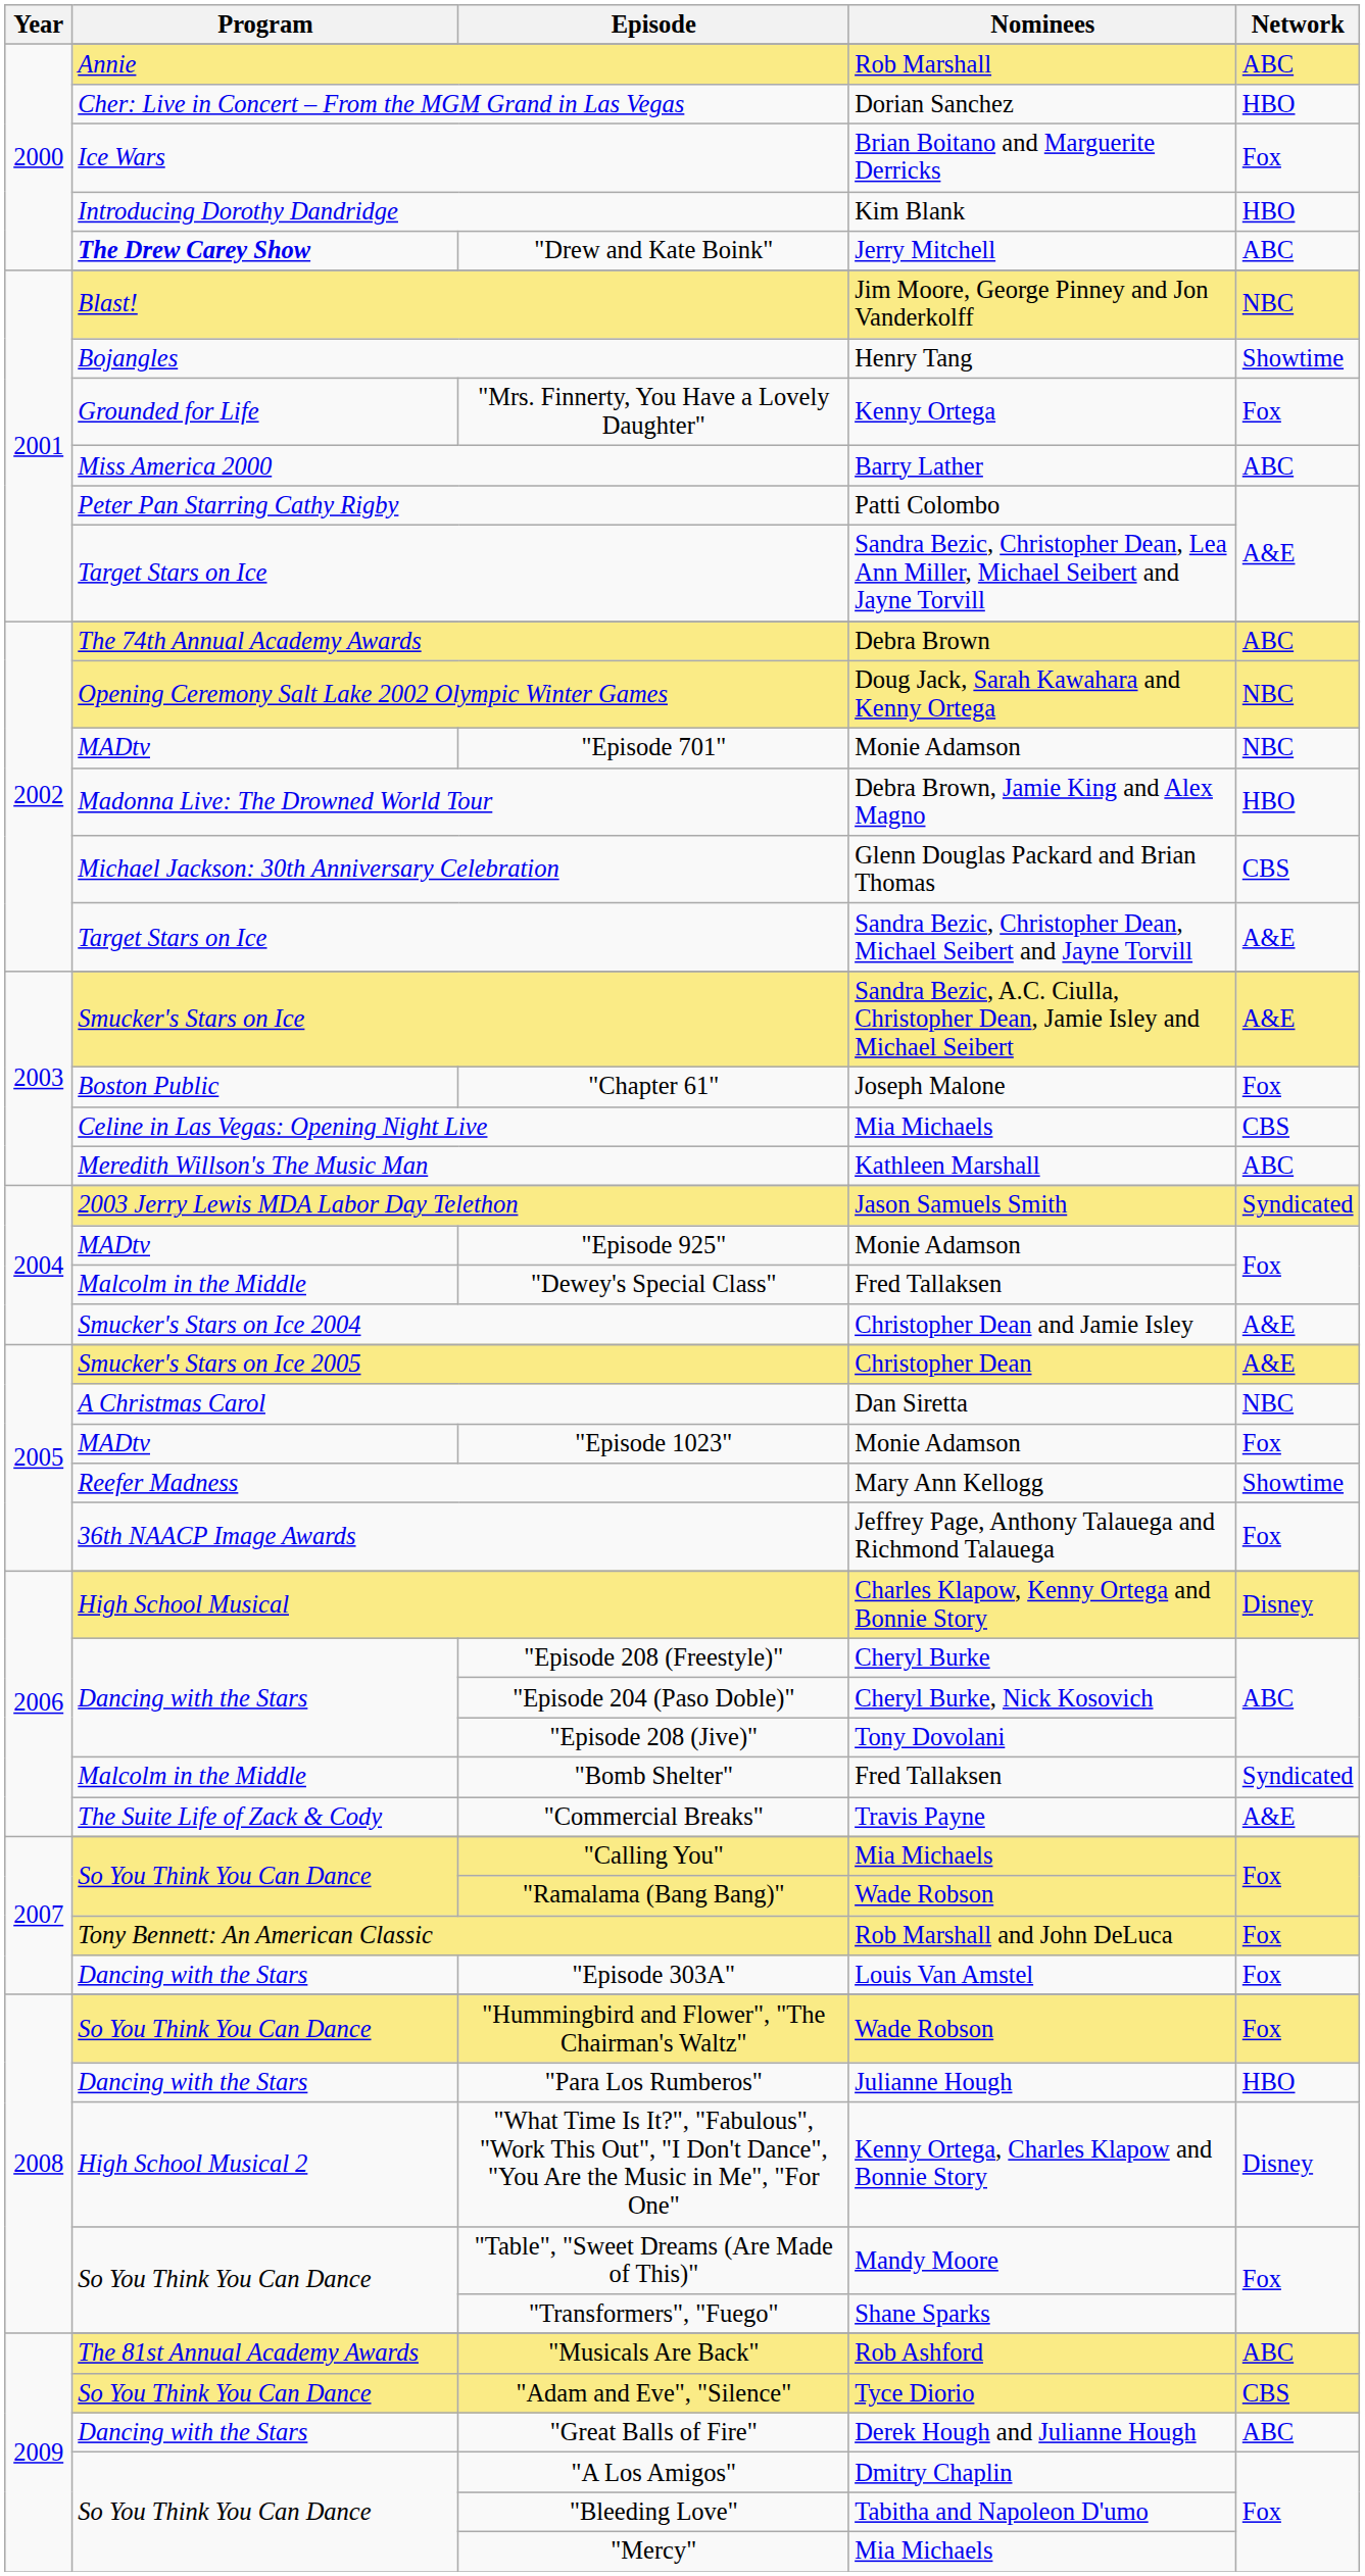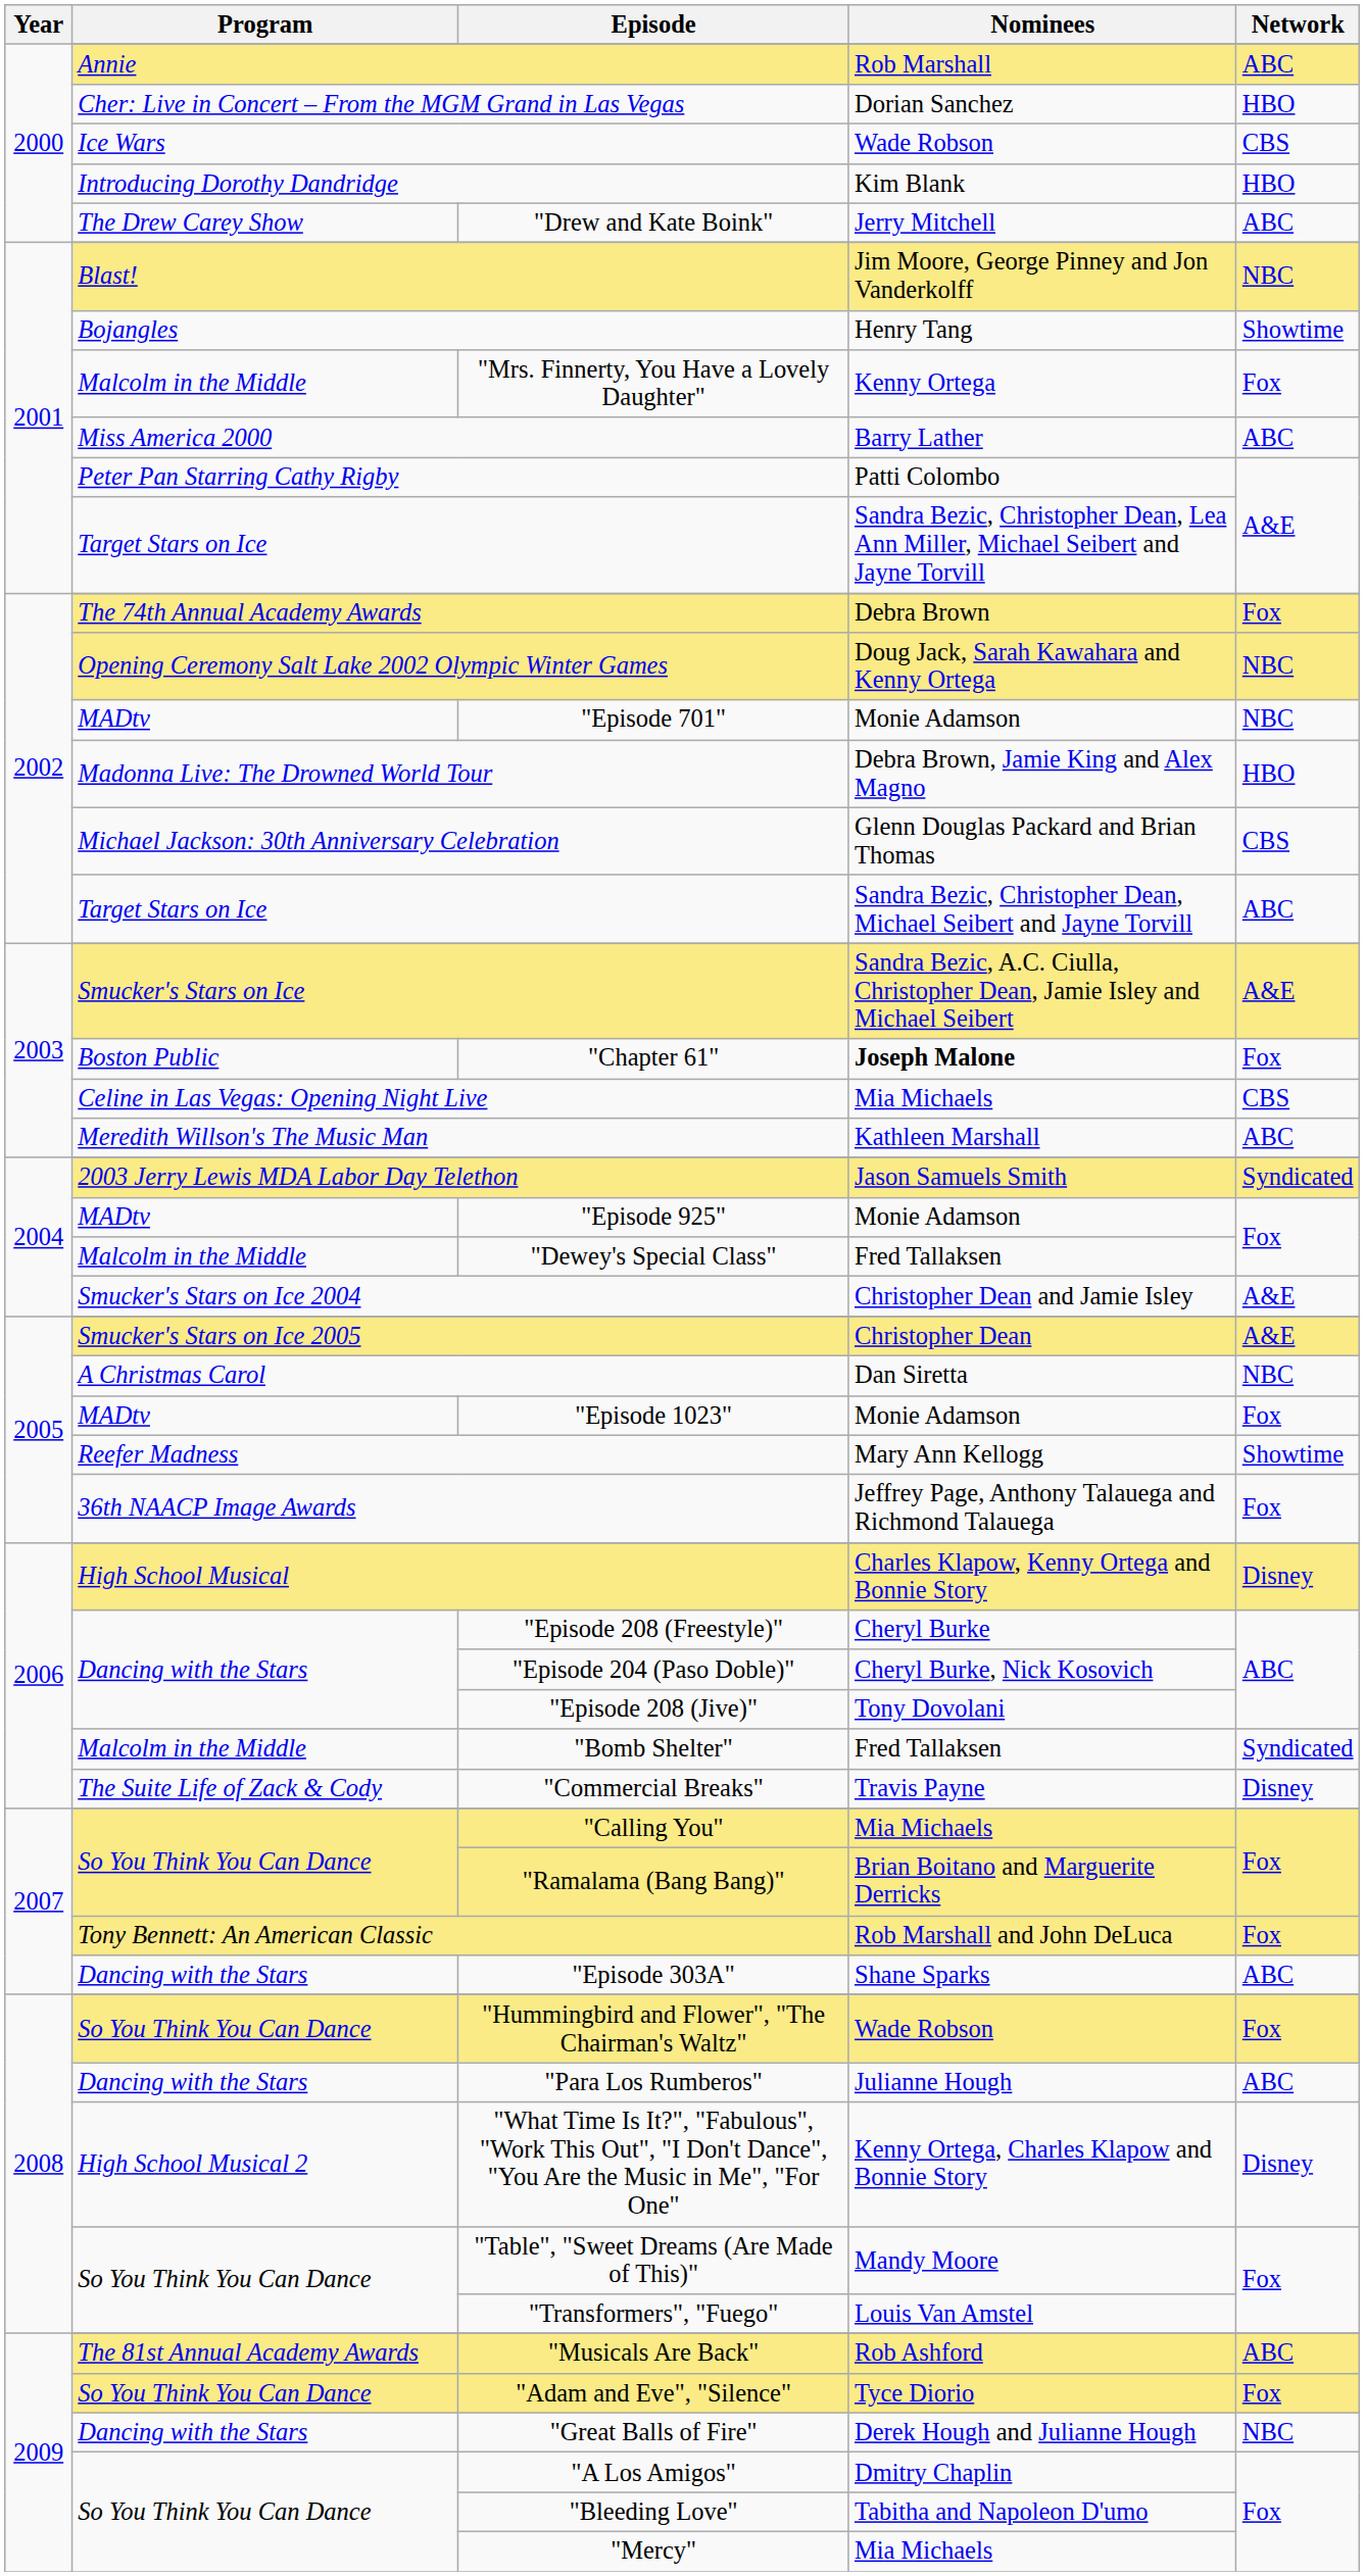 <table class="wikitable">
 <tr>
 <th width="5%">Year</th>
 <th width="30%">Program</th>
 <th width="30%">Episode</th>
 <th width="30%">Nominees</th>
 <th width="5%">Network</th>
 </tr>
 <tr>
 <td rowspan="6" style="text-align:center;"><a href='#'>2000</a><br></td>
 </tr>
 <tr style="background:#FAEB86">
 <td colspan=2><em><a href='#'>Annie</a></em></td>
 <td><a href='#'>Rob Marshall</a></td>
 <td><a href='#'>ABC</a></td>
 </tr>
 <tr>
 <td colspan=2><em><a href='#'>Cher: Live in Concert – From the MGM Grand in Las Vegas</a></em></td>
 <td>Dorian Sanchez</td>
 <td><a href='#'>HBO</a></td>
 </tr>
 <tr>
 <td colspan=2><em><a href='#'>Ice Wars</a></em></td>
-<td><a href='#'>Brian Boitano</a> and <a href='#'>Marguerite Derricks</a></td>
-<td><a href='#'>Fox</a></td>
+<td><a href='#'>Wade Robson</a></td>
+<td><a href='#'>CBS</a></td>
 </tr>
 <tr>
 <td colspan=2><em><a href='#'>Introducing Dorothy Dandridge</a></em></td>
 <td>Kim Blank</td>
 <td><a href='#'>HBO</a></td>
 </tr>
 <tr>
-<td><strong><em><a href='#'>The Drew Carey Show</a></em></strong></td>
+<td><em><a href='#'>The Drew Carey Show</a></em></td>
 <td align=center>"Drew and Kate Boink"</td>
 <td><a href='#'>Jerry Mitchell</a></td>
 <td><a href='#'>ABC</a></td>
 </tr>
 <tr>
 <td rowspan="7" style="text-align:center;"><a href='#'>2001</a><br></td>
 </tr>
 <tr style="background:#FAEB86">
 <td colspan=2><em><a href='#'>Blast!</a></em></td>
 <td>Jim Moore, George Pinney and Jon Vanderkolff</td>
 <td><a href='#'>NBC</a></td>
 </tr>
 <tr>
 <td colspan=2><em><a href='#'>Bojangles</a></em></td>
 <td>Henry Tang</td>
 <td><a href='#'>Showtime</a></td>
 </tr>
 <tr>
-<td><em><a href='#'>Grounded for Life</a></em></td>
+<td><em><a href='#'>Malcolm in the Middle</a></em></td>
 <td align=center>"Mrs. Finnerty, You Have a Lovely Daughter"</td>
 <td><a href='#'>Kenny Ortega</a></td>
 <td><a href='#'>Fox</a></td>
 </tr>
 <tr>
 <td colspan=2><em><a href='#'>Miss America 2000</a></em></td>
 <td><a href='#'>Barry Lather</a></td>
 <td><a href='#'>ABC</a></td>
 </tr>
 <tr>
 <td colspan=2><em><a href='#'>Peter Pan Starring Cathy Rigby</a></em></td>
 <td>Patti Colombo</td>
 <td rowspan=2><a href='#'>A&E</a></td>
 </tr>
 <tr>
 <td colspan=2><em><a href='#'>Target Stars on Ice</a></em></td>
 <td><a href='#'>Sandra Bezic</a>, <a href='#'>Christopher Dean</a>, <a href='#'>Lea Ann Miller</a>, <a href='#'>Michael Seibert</a> and <a href='#'>Jayne Torvill</a></td>
 </tr>
 <tr>
 <td rowspan="7" style="text-align:center;"><a href='#'>2002</a><br></td>
 </tr>
 <tr style="background:#FAEB86">
 <td colspan=2><em><a href='#'>The 74th Annual Academy Awards</a></em></td>
 <td>Debra Brown</td>
-<td><a href='#'>ABC</a></td>
+<td><a href='#'>Fox</a></td>
 </tr>
 <tr style="background:#FAEB86">
 <td colspan=2><em><a href='#'>Opening Ceremony Salt Lake 2002 Olympic Winter Games</a></em></td>
 <td>Doug Jack, <a href='#'>Sarah Kawahara</a> and <a href='#'>Kenny Ortega</a></td>
 <td><a href='#'>NBC</a></td>
 </tr>
 <tr>
 <td><em><a href='#'>MADtv</a></em></td>
 <td align=center>"Episode 701"</td>
 <td>Monie Adamson</td>
 <td><a href='#'>NBC</a></td>
 </tr>
 <tr>
 <td colspan=2><em><a href='#'>Madonna Live: The Drowned World Tour</a></em></td>
 <td>Debra Brown, <a href='#'>Jamie King</a> and <a href='#'>Alex Magno</a></td>
 <td><a href='#'>HBO</a></td>
 </tr>
 <tr>
 <td colspan=2><em><a href='#'>Michael Jackson: 30th Anniversary Celebration</a></em></td>
 <td>Glenn Douglas Packard and Brian Thomas</td>
 <td><a href='#'>CBS</a></td>
 </tr>
 <tr>
 <td colspan=2><em><a href='#'>Target Stars on Ice</a></em></td>
 <td><a href='#'>Sandra Bezic</a>, <a href='#'>Christopher Dean</a>, <a href='#'>Michael Seibert</a> and <a href='#'>Jayne Torvill</a></td>
-<td><a href='#'>A&E</a></td>
+<td><a href='#'>ABC</a></td>
 </tr>
 <tr>
 <td rowspan="5" style="text-align:center;"><a href='#'>2003</a><br></td>
 </tr>
 <tr style="background:#FAEB86">
 <td colspan=2><em><a href='#'>Smucker's Stars on Ice</a></em></td>
 <td><a href='#'>Sandra Bezic</a>, A.C. Ciulla, <a href='#'>Christopher Dean</a>, Jamie Isley and <a href='#'>Michael Seibert</a></td>
 <td><a href='#'>A&E</a></td>
 </tr>
 <tr>
 <td><em><a href='#'>Boston Public</a></em></td>
 <td align=center>"Chapter 61"</td>
-<td>Joseph Malone</td>
+<td><strong>Joseph Malone</strong></td>
 <td><a href='#'>Fox</a></td>
 </tr>
 <tr>
 <td colspan=2><em><a href='#'>Celine in Las Vegas: Opening Night Live</a></em></td>
 <td><a href='#'>Mia Michaels</a></td>
 <td><a href='#'>CBS</a></td>
 </tr>
 <tr>
 <td colspan=2><em><a href='#'>Meredith Willson's The Music Man</a></em></td>
 <td><a href='#'>Kathleen Marshall</a></td>
 <td><a href='#'>ABC</a></td>
 </tr>
 <tr>
 <td rowspan="5" style="text-align:center;"><a href='#'>2004</a><br></td>
 </tr>
 <tr style="background:#FAEB86">
 <td colspan=2><em><a href='#'>2003 Jerry Lewis MDA Labor Day Telethon</a></em></td>
 <td><a href='#'>Jason Samuels Smith</a></td>
 <td><a href='#'>Syndicated</a></td>
 </tr>
 <tr>
 <td><em><a href='#'>MADtv</a></em></td>
 <td align=center>"Episode 925"</td>
 <td>Monie Adamson</td>
 <td rowspan=2><a href='#'>Fox</a></td>
 </tr>
 <tr>
 <td><em><a href='#'>Malcolm in the Middle</a></em></td>
 <td align=center>"Dewey's Special Class"</td>
 <td>Fred Tallaksen</td>
 </tr>
 <tr>
 <td colspan=2><em><a href='#'>Smucker's Stars on Ice 2004</a></em></td>
 <td><a href='#'>Christopher Dean</a> and Jamie Isley</td>
 <td><a href='#'>A&E</a></td>
 </tr>
 <tr>
 <td rowspan="6" style="text-align:center;"><a href='#'>2005</a><br></td>
 </tr>
 <tr style="background:#FAEB86">
 <td colspan=2><em><a href='#'>Smucker's Stars on Ice 2005</a></em></td>
 <td><a href='#'>Christopher Dean</a></td>
 <td><a href='#'>A&E</a></td>
 </tr>
 <tr>
 <td colspan=2><em><a href='#'>A Christmas Carol</a></em></td>
 <td>Dan Siretta</td>
 <td><a href='#'>NBC</a></td>
 </tr>
 <tr>
 <td><em><a href='#'>MADtv</a></em></td>
 <td align=center>"Episode 1023"</td>
 <td>Monie Adamson</td>
 <td><a href='#'>Fox</a></td>
 </tr>
 <tr>
 <td colspan=2><em><a href='#'>Reefer Madness</a></em></td>
 <td>Mary Ann Kellogg</td>
 <td><a href='#'>Showtime</a></td>
 </tr>
 <tr>
 <td colspan=2><em><a href='#'>36th NAACP Image Awards</a></em></td>
 <td>Jeffrey Page, Anthony Talauega and Richmond Talauega</td>
 <td><a href='#'>Fox</a></td>
 </tr>
 <tr>
 <td rowspan="7" style="text-align:center;"><a href='#'>2006</a><br></td>
 </tr>
 <tr style="background:#FAEB86">
 <td colspan=2><em><a href='#'>High School Musical</a></em></td>
 <td><a href='#'>Charles Klapow</a>, <a href='#'>Kenny Ortega</a> and <a href='#'>Bonnie Story</a></td>
 <td><a href='#'>Disney</a></td>
 </tr>
 <tr>
 <td rowspan=3><em><a href='#'>Dancing with the Stars</a></em></td>
 <td align=center>"Episode 208 (Freestyle)"</td>
 <td><a href='#'>Cheryl Burke</a></td>
 <td rowspan=3><a href='#'>ABC</a></td>
 </tr>
 <tr>
 <td align=center>"Episode 204 (Paso Doble)"</td>
 <td><a href='#'>Cheryl Burke</a>, <a href='#'>Nick Kosovich</a></td>
 </tr>
 <tr>
 <td align=center>"Episode 208 (Jive)"</td>
 <td><a href='#'>Tony Dovolani</a></td>
 </tr>
 <tr>
 <td><em><a href='#'>Malcolm in the Middle</a></em></td>
 <td align=center>"Bomb Shelter"</td>
 <td>Fred Tallaksen</td>
 <td><a href='#'>Syndicated</a></td>
 </tr>
 <tr>
 <td><em><a href='#'>The Suite Life of Zack & Cody</a></em></td>
 <td align=center>"Commercial Breaks"</td>
 <td><a href='#'>Travis Payne</a></td>
-<td><a href='#'>A&E</a></td>
+<td><a href='#'>Disney</a></td>
 </tr>
 <tr>
 <td rowspan="5" style="text-align:center;"><a href='#'>2007</a><br></td>
 </tr>
 <tr style="background:#FAEB86">
 <td rowspan=2><em><a href='#'>So You Think You Can Dance</a></em></td>
 <td align=center>"Calling You"</td>
 <td><a href='#'>Mia Michaels</a></td>
 <td rowspan=2><a href='#'>Fox</a></td>
 </tr>
 <tr style="background:#FAEB86">
 <td align=center>"Ramalama (Bang Bang)"</td>
-<td><a href='#'>Wade Robson</a></td>
+<td><a href='#'>Brian Boitano</a> and <a href='#'>Marguerite Derricks</a></td>
 </tr>
 <tr style="background:#FAEB86">
 <td colspan=2><em>Tony Bennett: An American Classic</em></td>
 <td><a href='#'>Rob Marshall</a> and John DeLuca</td>
 <td><a href='#'>Fox</a></td>
 </tr>
 <tr>
 <td><em><a href='#'>Dancing with the Stars</a></em></td>
 <td align=center>"Episode 303A"</td>
-<td><a href='#'>Louis Van Amstel</a></td>
-<td><a href='#'>Fox</a></td>
+<td><a href='#'>Shane Sparks</a></td>
+<td><a href='#'>ABC</a></td>
 </tr>
 <tr>
 <td rowspan="6" style="text-align:center;"><a href='#'>2008</a><br></td>
 </tr>
 <tr style="background:#FAEB86">
 <td><em><a href='#'>So You Think You Can Dance</a></em></td>
 <td align=center>"Hummingbird and Flower", "The Chairman's Waltz"</td>
 <td><a href='#'>Wade Robson</a></td>
 <td><a href='#'>Fox</a></td>
 </tr>
 <tr>
 <td><em><a href='#'>Dancing with the Stars</a></em></td>
 <td align=center>"Para Los Rumberos"</td>
 <td><a href='#'>Julianne Hough</a></td>
-<td><a href='#'>HBO</a></td>
+<td><a href='#'>ABC</a></td>
 </tr>
 <tr>
 <td><em><a href='#'>High School Musical 2</a></em></td>
 <td align=center>"What Time Is It?", "Fabulous", "Work This Out", "I Don't Dance", "You Are the Music in Me", "For One"</td>
 <td><a href='#'>Kenny Ortega</a>, <a href='#'>Charles Klapow</a> and <a href='#'>Bonnie Story</a></td>
 <td><a href='#'>Disney</a></td>
 </tr>
 <tr>
 <td rowspan=2><em>So You Think You Can Dance</em></td>
 <td align=center>"Table", "Sweet Dreams (Are Made of This)"</td>
 <td><a href='#'>Mandy Moore</a></td>
 <td rowspan=2><a href='#'>Fox</a></td>
 </tr>
 <tr>
 <td align=center>"Transformers", "Fuego"</td>
-<td><a href='#'>Shane Sparks</a></td>
+<td><a href='#'>Louis Van Amstel</a></td>
 </tr>
 <tr>
 <td rowspan="7" style="text-align:center;"><a href='#'>2009</a><br></td>
 </tr>
 <tr style="background:#FAEB86">
 <td><em><a href='#'>The 81st Annual Academy Awards</a></em></td>
 <td align=center>"Musicals Are Back"</td>
 <td><a href='#'>Rob Ashford</a></td>
 <td><a href='#'>ABC</a></td>
 </tr>
 <tr style="background:#FAEB86">
 <td><em><a href='#'>So You Think You Can Dance</a></em></td>
 <td align=center>"Adam and Eve", "Silence"</td>
 <td><a href='#'>Tyce Diorio</a></td>
-<td><a href='#'>CBS</a></td>
+<td><a href='#'>Fox</a></td>
 </tr>
 <tr>
 <td><em><a href='#'>Dancing with the Stars</a></em></td>
 <td align=center>"Great Balls of Fire"</td>
 <td><a href='#'>Derek Hough</a> and <a href='#'>Julianne Hough</a></td>
-<td><a href='#'>ABC</a></td>
+<td><a href='#'>NBC</a></td>
 </tr>
 <tr>
 <td rowspan=3><em>So You Think You Can Dance</em></td>
 <td align=center>"A Los Amigos"</td>
 <td><a href='#'>Dmitry Chaplin</a></td>
 <td rowspan=3><a href='#'>Fox</a></td>
 </tr>
 <tr>
 <td align=center>"Bleeding Love"</td>
 <td><a href='#'>Tabitha and Napoleon D'umo</a></td>
 </tr>
 <tr>
 <td align=center>"Mercy"</td>
 <td><a href='#'>Mia Michaels</a></td>
 </tr>
 </table>
